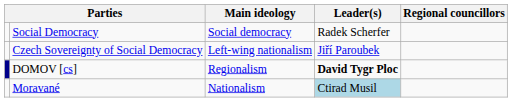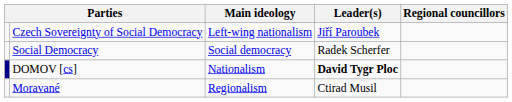 <table class="wikitable sortable" style="font-size:100%">
 <tr>
 <th colspan="2">Parties</th>
 <th>Main ideology</th>
 <th>Leader(s)</th>
 <th>Regional councillors</th>
 </tr>
 <tr>
 <td></td>
+<td><a href='#'>Czech Sovereignty of Social Democracy</a></td>
+<td><a href='#'>Left-wing nationalism</a></td>
+<td><a href='#'>Jiří Paroubek</a></td>
+<td></td>
+</tr>
+<tr>
+<td></td>
 <td><a href='#'>Social Democracy</a></td>
 <td><a href='#'>Social democracy</a></td>
 <td>Radek Scherfer</td>
 <td></td>
 </tr>
 <tr>
-<td></td>
-<td><a href='#'>Czech Sovereignty of Social Democracy</a></td>
-<td><a href='#'>Left-wing nationalism</a></td>
-<td><a href='#'>Jiří Paroubek</a></td>
-<td></td>
-</tr>
-<tr>
 <td bgcolor="darkblue"></td>
 <td>DOMOV [<a href='#'>cs</a>]</td>
-<td><a href='#'>Regionalism</a></td>
+<td><a href='#'>Nationalism</a></td>
 <td><strong>David Tygr Ploc</strong></td>
 <td></td>
 </tr>
 <tr>
 <td></td>
 <td><a href='#'>Moravané</a></td>
-<td><a href='#'>Nationalism</a></td>
-<td style="background: lightblue;">Ctirad Musil</td>
+<td><a href='#'>Regionalism</a></td>
+<td>Ctirad Musil</td>
 <td></td>
 </tr>
 </table>
